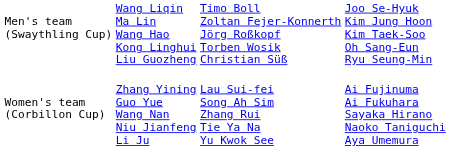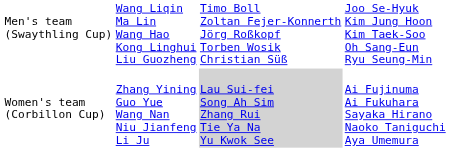 <table>
 <tr>
 <td>Men's team <br>(Swaythling Cup) <br></td>
 <td><br><a href='#'>Wang Liqin</a><br><a href='#'>Ma Lin</a><br><a href='#'>Wang Hao</a><br><a href='#'>Kong Linghui</a><br><a href='#'>Liu Guozheng</a></td>
 <td><br><a href='#'>Timo Boll</a><br><a href='#'>Zoltan Fejer-Konnerth</a><br><a href='#'>Jörg Roßkopf</a><br><a href='#'>Torben Wosik</a><br><a href='#'>Christian Süß</a></td>
 <td><br><a href='#'>Joo Se-Hyuk</a><br><a href='#'>Kim Jung Hoon</a><br><a href='#'>Kim Taek-Soo</a><br><a href='#'>Oh Sang-Eun</a><br><a href='#'>Ryu Seung-Min</a></td>
 </tr>
 <tr>
 <td>Women's team <br>(Corbillon Cup) <br></td>
 <td><br><a href='#'>Zhang Yining</a><br><a href='#'>Guo Yue</a><br><a href='#'>Wang Nan</a><br><a href='#'>Niu Jianfeng</a><br><a href='#'>Li Ju</a></td>
-<td><br><a href='#'>Lau Sui-fei</a><br><a href='#'>Song Ah Sim</a><br><a href='#'>Zhang Rui</a><br><a href='#'>Tie Ya Na</a><br><a href='#'>Yu Kwok See</a></td>
+<td style="background: lightgrey;"><br><a href='#'>Lau Sui-fei</a><br><a href='#'>Song Ah Sim</a><br><a href='#'>Zhang Rui</a><br><a href='#'>Tie Ya Na</a><br><a href='#'>Yu Kwok See</a></td>
 <td><br><a href='#'>Ai Fujinuma</a><br><a href='#'>Ai Fukuhara</a><br><a href='#'>Sayaka Hirano</a><br><a href='#'>Naoko Taniguchi</a><br><a href='#'>Aya Umemura</a></td>
 </tr>
 </table>
